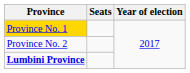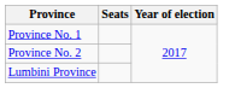 <table class="wikitable">
 <tr>
 <th>Province</th>
 <th>Seats</th>
 <th>Year of election</th>
 </tr>
 <tr>
-<td style="background: gold;"><a href='#'>Province No. 1</a></td>
+<td><a href='#'>Province No. 1</a></td>
 <td></td>
 <td rowspan="3" style="text-align:center;"><a href='#'>2017</a></td>
 </tr>
 <tr>
 <td><a href='#'>Province No. 2</a></td>
 <td></td>
 </tr>
 <tr>
-<td><strong><a href='#'>Lumbini Province</a></strong></td>
+<td><a href='#'>Lumbini Province</a></td>
 <td></td>
 </tr>
 </table>
